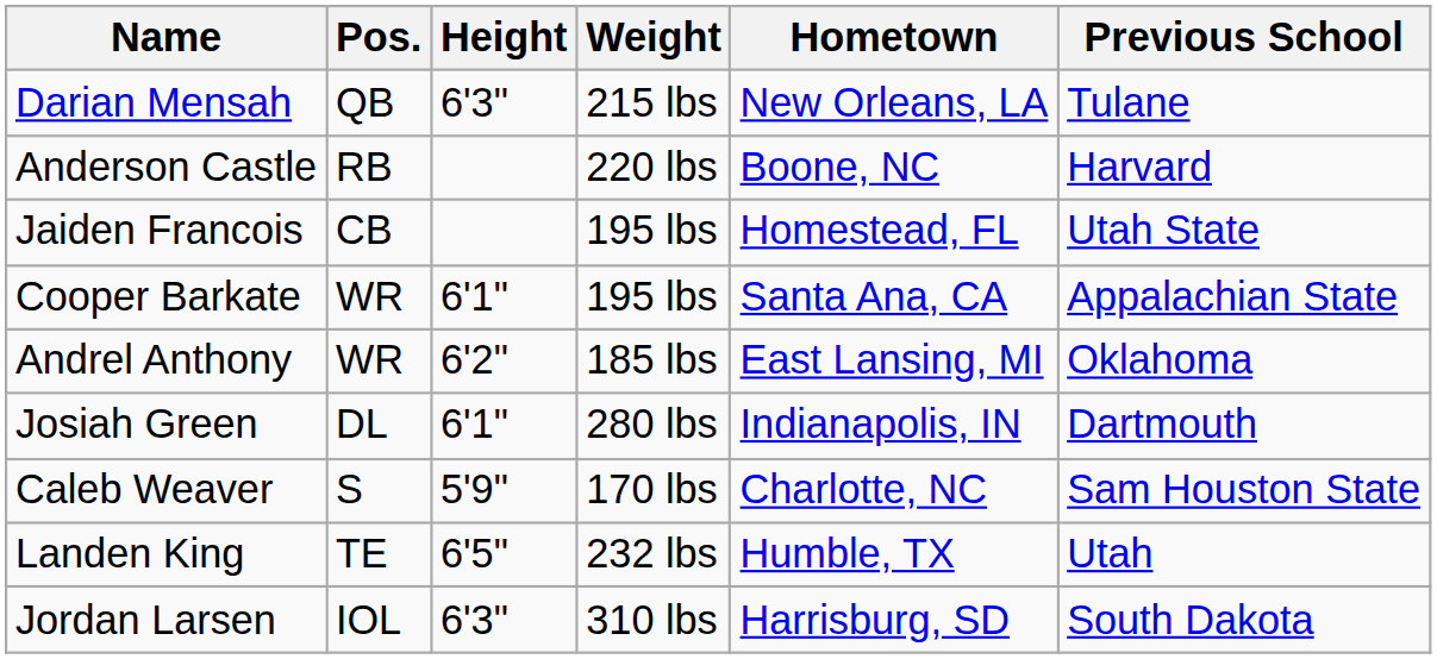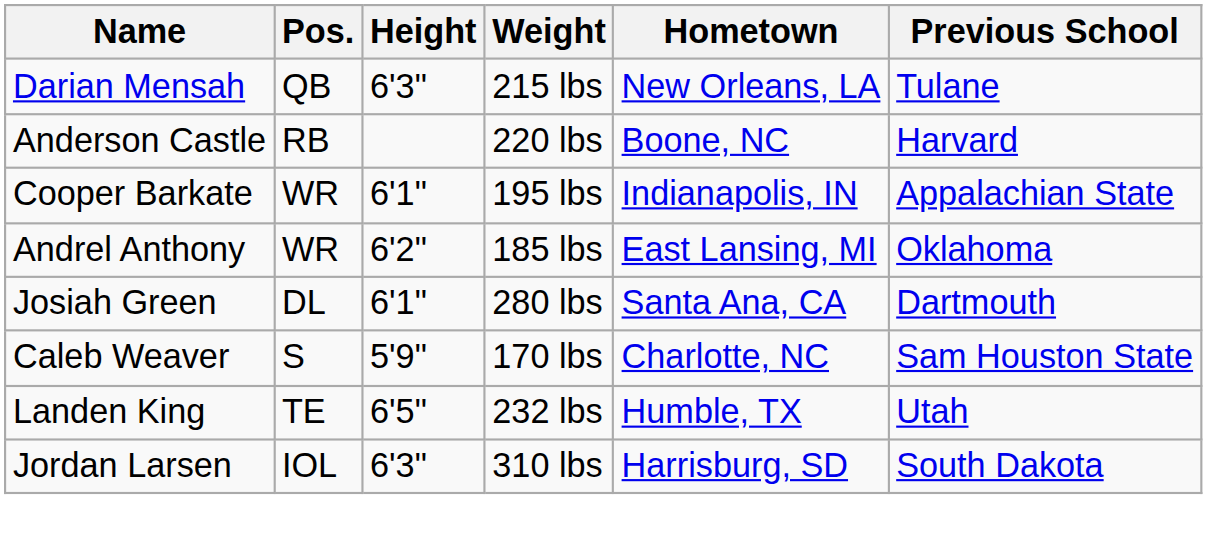 <table class="wikitable sortable">
 <tr>
 <th>Name</th>
 <th>Pos.</th>
 <th>Height</th>
 <th>Weight</th>
 <th>Hometown</th>
 <th class="unsortable">Previous School</th>
 </tr>
 <tr style="background:">
 <td><a href='#'>Darian Mensah</a></td>
 <td>QB</td>
 <td>6'3"</td>
 <td>215 lbs</td>
 <td><a href='#'>New Orleans, LA</a></td>
 <td><a href='#'>Tulane</a></td>
 </tr>
 <tr style="background:">
 <td>Anderson Castle</td>
 <td>RB</td>
 <td></td>
 <td>220 lbs</td>
 <td><a href='#'>Boone, NC</a></td>
 <td><a href='#'>Harvard</a></td>
 </tr>
 <tr style="background:">
-<td>Jaiden Francois</td>
-<td>CB</td>
-<td></td>
-<td>195 lbs</td>
-<td><a href='#'>Homestead, FL</a></td>
-<td><a href='#'>Utah State</a></td>
-</tr>
-<tr style="background:">
 <td>Cooper Barkate</td>
 <td>WR</td>
 <td>6'1"</td>
 <td>195 lbs</td>
-<td><a href='#'>Santa Ana, CA</a></td>
+<td><a href='#'>Indianapolis, IN</a></td>
 <td><a href='#'>Appalachian State</a></td>
 </tr>
 <tr style="background">
 <td>Andrel Anthony</td>
 <td>WR</td>
 <td>6'2"</td>
 <td>185 lbs</td>
 <td><a href='#'>East Lansing, MI</a></td>
 <td><a href='#'>Oklahoma</a></td>
 </tr>
 <tr style="background">
 <td>Josiah Green</td>
 <td>DL</td>
 <td>6'1"</td>
 <td>280 lbs</td>
-<td><a href='#'>Indianapolis, IN</a></td>
+<td><a href='#'>Santa Ana, CA</a></td>
 <td><a href='#'>Dartmouth</a></td>
 </tr>
 <tr style="background">
 <td>Caleb Weaver</td>
 <td>S</td>
 <td>5'9"</td>
 <td>170 lbs</td>
 <td><a href='#'>Charlotte, NC</a></td>
 <td><a href='#'>Sam Houston State</a></td>
 </tr>
 <tr>
 <td>Landen King</td>
 <td>TE</td>
 <td>6'5"</td>
 <td>232 lbs</td>
 <td><a href='#'>Humble, TX</a></td>
 <td><a href='#'>Utah</a></td>
 </tr>
 <tr>
 <td>Jordan Larsen</td>
 <td>IOL</td>
 <td>6'3"</td>
 <td>310 lbs</td>
 <td><a href='#'>Harrisburg, SD</a></td>
 <td><a href='#'>South Dakota</a></td>
 </tr>
 </table>
